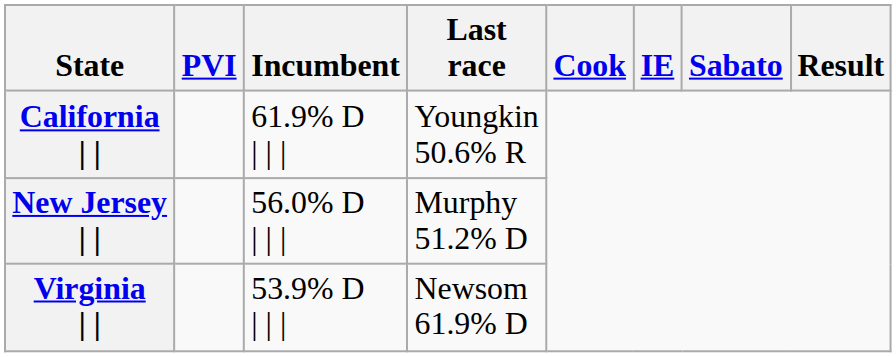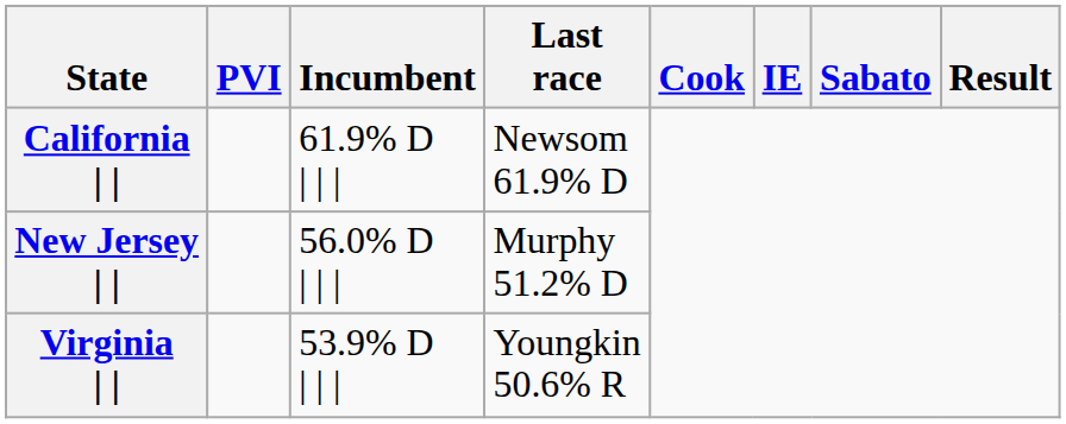 <table class="wikitable sortable">
 <tr valign=bottom>
 <th>State</th>
 <th><a href='#'>PVI</a></th>
 <th>Incumbent</th>
 <th>Last<br>race</th>
 <th scope="col"><a href='#'>Cook</a><br></th>
 <th><a href='#'>IE</a><br></th>
 <th><a href='#'>Sabato</a><br></th>
 <th>Result</th>
 </tr>
 <tr>
 <th><a href='#'>California</a><br>|  | </th>
 <td><br></td>
 <td>61.9% D<br>|   |  | </td>
-<td>Youngkin<br>50.6% R </td>
+<td>Newsom<br>61.9% D</td>
 </tr>
 <tr>
 <th><a href='#'>New Jersey</a><br>|  | </th>
 <td></td>
 <td>56.0% D<br>|   |  | </td>
 <td>Murphy<br>51.2% D</td>
 </tr>
 <tr>
 <th><a href='#'>Virginia</a><br>|  | </th>
 <td><br></td>
 <td>53.9% D<br>|   |  | </td>
-<td>Newsom<br>61.9% D</td>
+<td>Youngkin<br>50.6% R </td>
 </tr>
 </table>
